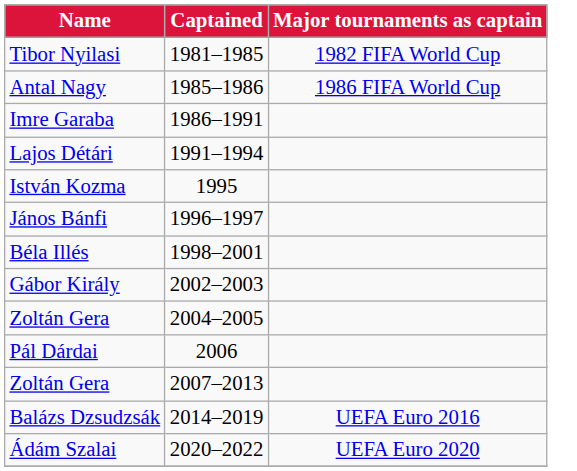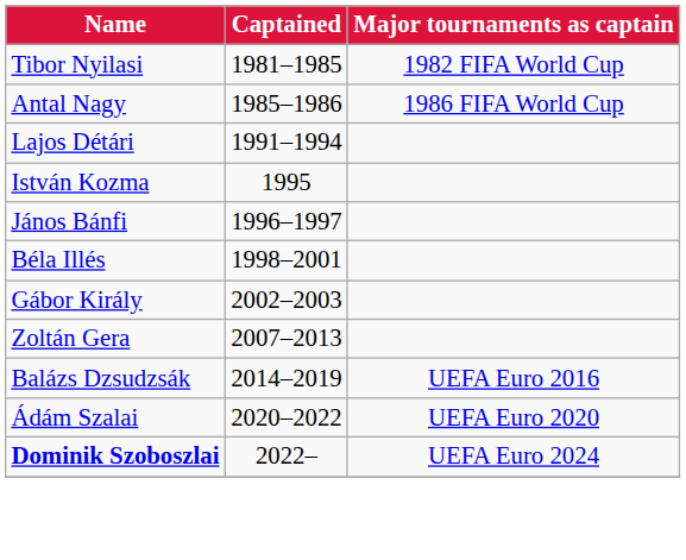 <table class="wikitable sortable" style="text-align:center;">
 <tr>
 <th style="background-color:#DC143C; color:white; ">Name</th>
 <th style="background-color:#DC143C; color:white; ">Captained</th>
 <th style="background-color:#DC143C; color:white; ">Major tournaments as captain</th>
 </tr>
 <tr>
 <td style="text-align:left;"><a href='#'>Tibor Nyilasi</a></td>
 <td>1981–1985</td>
 <td><a href='#'>1982 FIFA World Cup</a></td>
 </tr>
 <tr>
 <td style="text-align:left;"><a href='#'>Antal Nagy</a></td>
 <td>1985–1986</td>
 <td><a href='#'>1986 FIFA World Cup</a></td>
-</tr>
-<tr>
-<td style="text-align:left;"><a href='#'>Imre Garaba</a></td>
-<td>1986–1991</td>
-<td></td>
 </tr>
 <tr>
 <td style="text-align:left;"><a href='#'>Lajos Détári</a></td>
 <td>1991–1994</td>
 <td></td>
 </tr>
 <tr>
 <td style="text-align:left;"><a href='#'>István Kozma</a></td>
 <td>1995</td>
 <td></td>
 </tr>
 <tr>
 <td style="text-align:left;"><a href='#'>János Bánfi</a></td>
 <td>1996–1997</td>
 <td></td>
 </tr>
 <tr>
 <td style="text-align:left;"><a href='#'>Béla Illés</a></td>
 <td>1998–2001</td>
 <td></td>
 </tr>
 <tr>
 <td style="text-align:left;"><a href='#'>Gábor Király</a></td>
 <td>2002–2003</td>
 <td></td>
 </tr>
 <tr>
 <td style="text-align:left;"><a href='#'>Zoltán Gera</a></td>
-<td>2004–2005</td>
-<td></td>
-</tr>
-<tr>
-<td style="text-align:left;"><a href='#'>Pál Dárdai</a></td>
-<td>2006</td>
-<td></td>
-</tr>
-<tr>
-<td style="text-align:left;"><a href='#'>Zoltán Gera</a></td>
 <td>2007–2013</td>
 <td></td>
 </tr>
 <tr>
 <td style="text-align:left;"><a href='#'>Balázs Dzsudzsák</a></td>
 <td>2014–2019</td>
 <td><a href='#'>UEFA Euro 2016</a></td>
 </tr>
 <tr>
 <td style="text-align:left;"><a href='#'>Ádám Szalai</a></td>
 <td>2020–2022</td>
 <td><a href='#'>UEFA Euro 2020</a></td>
 </tr>
 <tr>
+<td style="text-align:left;"><strong><a href='#'>Dominik Szoboszlai</a></strong></td>
+<td>2022–</td>
+<td><a href='#'>UEFA Euro 2024</a></td>
+</tr>
+<tr>
 </tr>
 </table>
